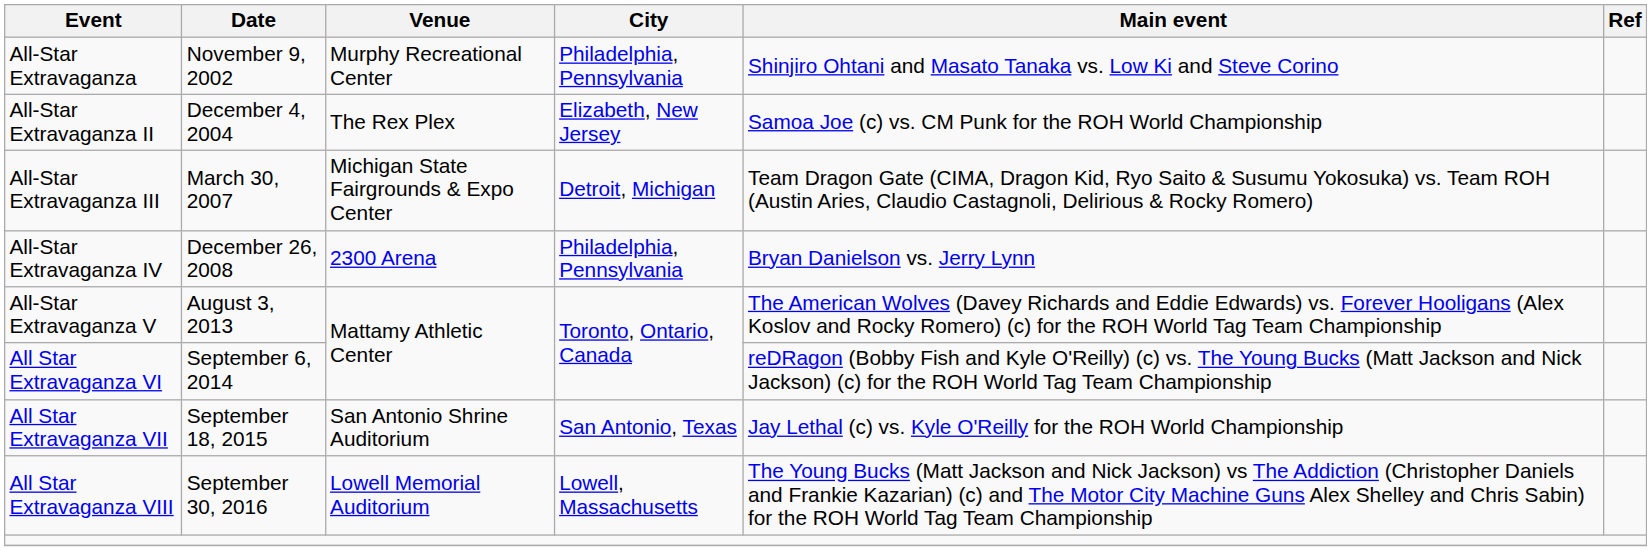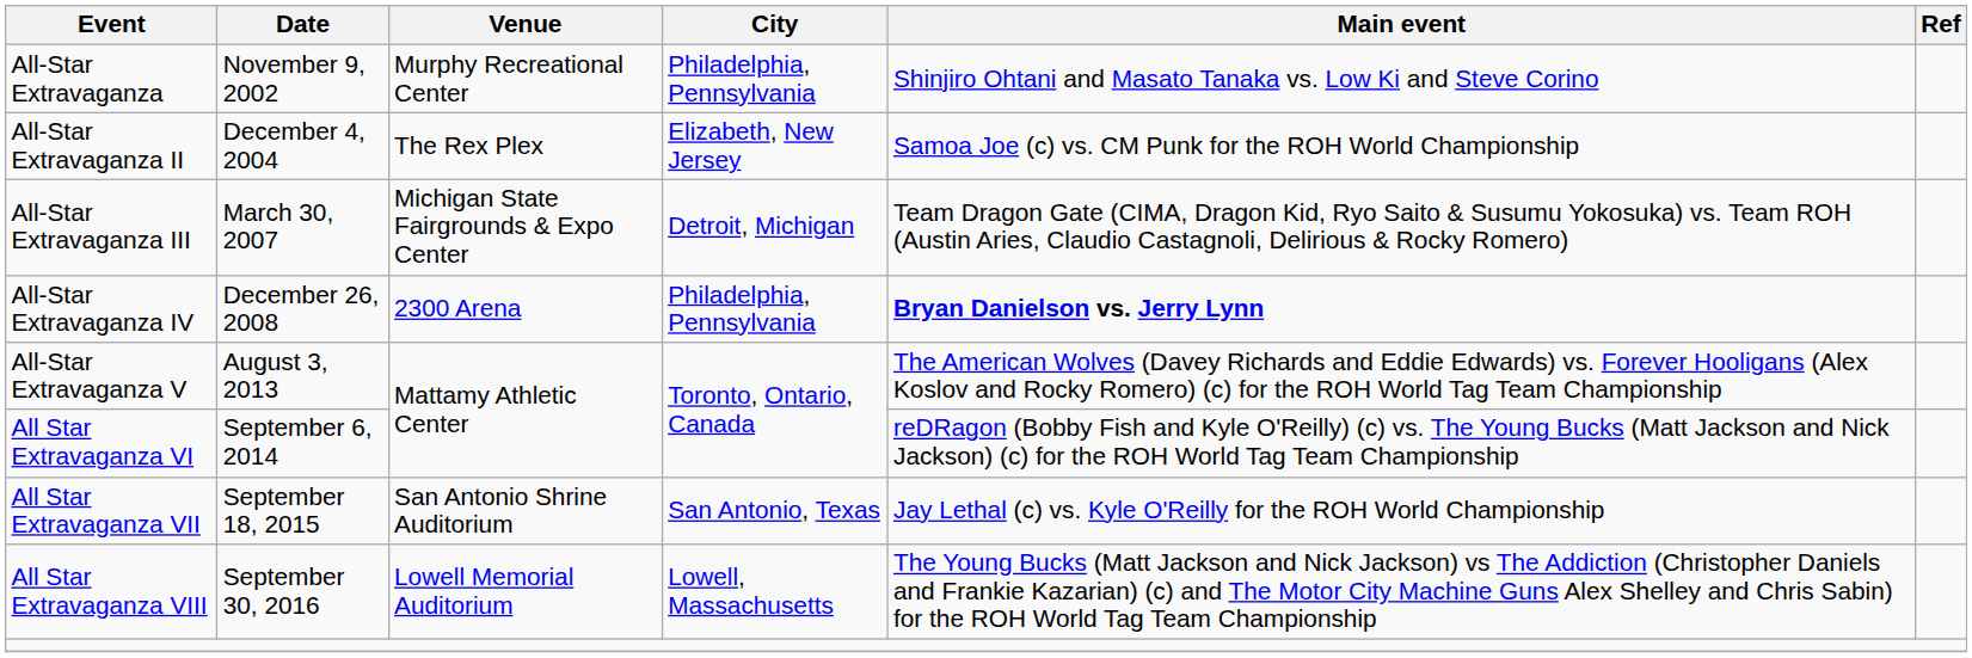 <table class="wikitable" width=100%>
 <tr>
 <th>Event</th>
 <th>Date</th>
 <th>Venue</th>
 <th>City</th>
 <th>Main event</th>
 <th>Ref</th>
 </tr>
 <tr>
 <td>All-Star Extravaganza</td>
 <td>November 9, 2002</td>
 <td>Murphy Recreational Center</td>
 <td><a href='#'>Philadelphia</a>, <a href='#'>Pennsylvania</a></td>
 <td><a href='#'>Shinjiro Ohtani</a> and  <a href='#'>Masato Tanaka</a> vs. <a href='#'>Low Ki</a> and  <a href='#'>Steve Corino</a></td>
 <td></td>
 </tr>
 <tr>
 <td>All-Star Extravaganza II</td>
 <td>December 4, 2004</td>
 <td>The Rex Plex</td>
 <td><a href='#'>Elizabeth</a>, <a href='#'>New Jersey</a></td>
 <td><a href='#'>Samoa Joe</a> (c) vs. CM Punk  for the ROH World Championship</td>
 <td></td>
 </tr>
 <tr>
 <td>All-Star Extravaganza III</td>
 <td>March 30, 2007</td>
 <td>Michigan State Fairgrounds & Expo Center</td>
 <td><a href='#'>Detroit</a>, <a href='#'>Michigan</a></td>
 <td>Team Dragon Gate (CIMA, Dragon Kid, Ryo Saito & Susumu Yokosuka) vs. Team ROH (Austin Aries, Claudio Castagnoli, Delirious & Rocky Romero)</td>
 <td></td>
 </tr>
 <tr>
 <td>All-Star Extravaganza IV</td>
 <td>December 26, 2008</td>
 <td><a href='#'>2300 Arena</a></td>
 <td><a href='#'>Philadelphia</a>, <a href='#'>Pennsylvania</a></td>
-<td><a href='#'>Bryan Danielson</a> vs. <a href='#'>Jerry Lynn</a></td>
+<td><strong><a href='#'>Bryan Danielson</a> vs. <a href='#'>Jerry Lynn</a></strong></td>
 <td></td>
 </tr>
 <tr>
 <td>All-Star Extravaganza V</td>
 <td>August 3, 2013</td>
 <td rowspan="2">Mattamy Athletic Center</td>
 <td rowspan="2"><a href='#'>Toronto</a>, <a href='#'>Ontario</a>, <a href='#'>Canada</a></td>
 <td><a href='#'>The American Wolves</a> (Davey Richards and Eddie Edwards) vs. <a href='#'>Forever Hooligans</a> (Alex Koslov and Rocky Romero) (c) for the  ROH World Tag Team Championship</td>
 <td></td>
 </tr>
 <tr>
 <td><a href='#'>All Star Extravaganza VI</a></td>
 <td>September 6, 2014</td>
 <td><a href='#'>reDRagon</a> (Bobby Fish and Kyle O'Reilly) (c) vs. <a href='#'>The Young Bucks</a>  (Matt Jackson and Nick Jackson) (c) for the  ROH World Tag Team Championship</td>
 <td></td>
 </tr>
 <tr>
 <td><a href='#'>All Star Extravaganza VII</a></td>
 <td>September 18, 2015</td>
 <td>San Antonio Shrine Auditorium</td>
 <td><a href='#'>San Antonio</a>, <a href='#'>Texas</a></td>
 <td><a href='#'>Jay Lethal</a> (c)  vs. <a href='#'>Kyle O'Reilly</a> for the  ROH World Championship</td>
 <td></td>
 </tr>
 <tr>
 <td><a href='#'>All Star Extravaganza VIII</a></td>
 <td>September 30, 2016</td>
 <td><a href='#'>Lowell Memorial Auditorium</a></td>
 <td><a href='#'>Lowell</a>, <a href='#'>Massachusetts</a></td>
 <td><a href='#'>The Young Bucks</a>  (Matt Jackson and Nick Jackson) vs <a href='#'>The Addiction</a> (Christopher Daniels and Frankie Kazarian) (c)  and <a href='#'>The Motor City Machine Guns</a> Alex Shelley and Chris Sabin) for the  ROH World Tag Team Championship</td>
 <td></td>
 </tr>
 <tr>
 <td colspan="10"></td>
 </tr>
 <tr>
 </tr>
 </table>
